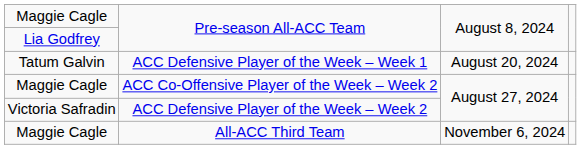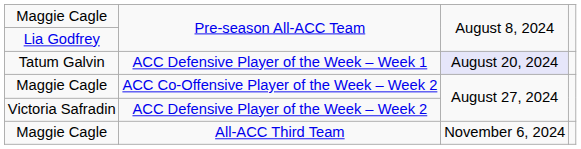 <table class="wikitable sortable" style="text-align: center">
 <tr>
 <td>Maggie Cagle</td>
 <td rowspan=2><a href='#'>Pre-season All-ACC Team</a></td>
 <td rowspan=2>August 8, 2024</td>
 <td rowspan=2></td>
 </tr>
 <tr>
 <td><a href='#'>Lia Godfrey</a></td>
 </tr>
 <tr>
 <td>Tatum Galvin</td>
 <td><a href='#'>ACC Defensive Player of the Week – Week 1</a></td>
-<td>August 20, 2024</td>
+<td style="background: lavender;">August 20, 2024</td>
 <td></td>
 </tr>
 <tr>
 <td>Maggie Cagle</td>
 <td><a href='#'>ACC Co-Offensive Player of the Week – Week 2</a></td>
 <td rowspan=2>August 27, 2024</td>
 <td rowspan=2></td>
 </tr>
 <tr>
 <td>Victoria Safradin</td>
 <td><a href='#'>ACC Defensive Player of the Week – Week 2</a></td>
 </tr>
 <tr>
 <td>Maggie Cagle</td>
 <td><a href='#'>All-ACC Third Team</a></td>
 <td>November 6, 2024</td>
 <td></td>
 </tr>
 </table>
